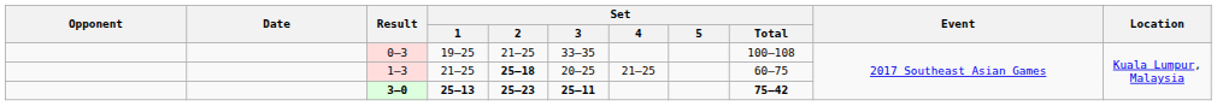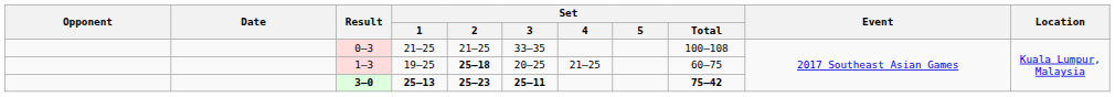 <table class="wikitable" style="font-size: 90%">
 <tr>
 <th rowspan=2 width=15%>Opponent</th>
 <th rowspan=2 width=15%>Date</th>
 <th rowspan=2 width=5%>Result</th>
 <th colspan=6>Set</th>
 <th rowspan=2 width=24%>Event</th>
 <th rowspan=2 width=16%>Location</th>
 </tr>
 <tr>
 <th width=5%>1</th>
 <th width=5%>2</th>
 <th width=5%>3</th>
 <th width=5%>4</th>
 <th width=5%>5</th>
 <th width=7%>Total</th>
 </tr>
 <tr style="text-align:center;">
 <td style="text-align:left;"></td>
 <td></td>
 <td style="background:#ffdddd;">0–3</td>
-<td>19–25</td>
+<td>21–25</td>
 <td>21–25</td>
 <td>33–35</td>
 <td></td>
 <td></td>
 <td>100–108</td>
 <td rowspan=3><a href='#'>2017 Southeast Asian Games</a></td>
 <td rowspan=3><a href='#'>Kuala Lumpur</a>, <a href='#'>Malaysia</a></td>
 </tr>
 <tr style="text-align:center;">
 <td style="text-align:left;"></td>
 <td></td>
 <td style="background:#ffdddd;">1–3</td>
-<td>21–25</td>
+<td>19–25</td>
 <td><strong>25–18</strong></td>
 <td>20–25</td>
 <td>21–25</td>
 <td></td>
 <td>60–75</td>
 </tr>
 <tr style="text-align:center;">
 <td style="text-align:left;"></td>
 <td></td>
 <td style="background:#ddffdd;"><strong>3–0</strong></td>
 <td><strong>25–13</strong></td>
 <td><strong>25–23</strong></td>
 <td><strong>25–11</strong></td>
 <td></td>
 <td></td>
 <td><strong>75–42</strong></td>
 </tr>
 </table>
